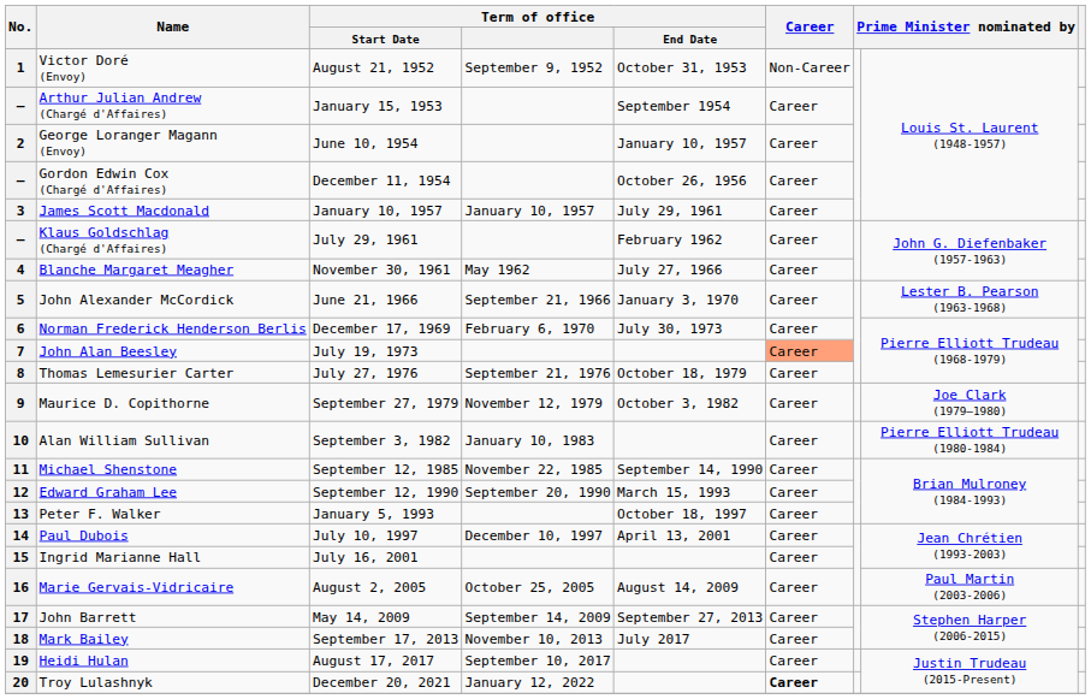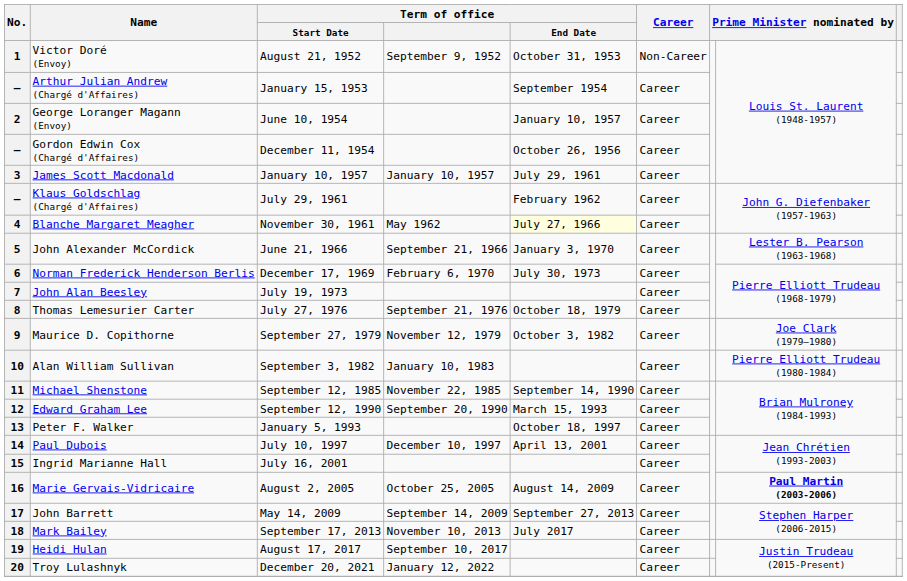 <table class="wikitable">
 <tr>
 <th rowspan="2">No.</th>
 <th rowspan="2">Name</th>
 <th colspan="3">Term of office</th>
 <th rowspan="2"><a href='#'>Career</a></th>
 <th rowspan="2"; colspan="2"><a href='#'>Prime Minister</a> nominated by</th>
 <th rowspan="2"></th>
 </tr>
 <tr>
 <th><small>Start Date</small></th>
 <th><small><a href='#'></a></small></th>
 <th><small>End Date</small></th>
 </tr>
 <tr>
 <th>1</th>
 <td>Victor Doré<br><small>(Envoy)</small></td>
 <td>August 21, 1952</td>
 <td>September 9, 1952</td>
 <td>October 31, 1953</td>
 <td>Non-Career</td>
 <td rowspan="5" ></td>
 <td rowspan="5" style=text-align:center><a href='#'>Louis St. Laurent</a><br><small>(1948-1957)</small></td>
 <td></td>
 </tr>
 <tr>
 <th>—</th>
 <td><a href='#'>Arthur Julian Andrew</a><br><small>(Chargé d'Affaires)</small></td>
 <td>January 15, 1953</td>
 <td></td>
 <td>September 1954</td>
 <td>Career</td>
 <td></td>
 </tr>
 <tr>
 <th>2</th>
 <td>George Loranger Magann<br><small>(Envoy)</small></td>
 <td>June 10, 1954</td>
 <td></td>
 <td>January 10, 1957</td>
 <td>Career</td>
 <td></td>
 </tr>
 <tr>
 <th>—</th>
 <td>Gordon Edwin Cox<br><small>(Chargé d'Affaires)</small></td>
 <td>December 11, 1954</td>
 <td></td>
 <td>October 26, 1956</td>
 <td>Career</td>
 <td></td>
 </tr>
 <tr>
 <th>3</th>
 <td><a href='#'>James Scott Macdonald</a></td>
 <td>January 10, 1957</td>
 <td>January 10, 1957</td>
 <td>July 29, 1961</td>
 <td>Career</td>
 <td></td>
 </tr>
 <tr>
 <th>—</th>
 <td><a href='#'>Klaus Goldschlag</a><br><small>(Chargé d'Affaires)</small></td>
 <td>July 29, 1961</td>
 <td></td>
 <td>February 1962</td>
 <td>Career</td>
 <td rowspan="2" ></td>
 <td rowspan="2" style=text-align:center><a href='#'>John G. Diefenbaker</a><br><small>(1957-1963)</small></td>
 <td></td>
 </tr>
 <tr>
 <th>4</th>
 <td><a href='#'>Blanche Margaret Meagher</a></td>
 <td>November 30, 1961</td>
 <td>May 1962</td>
-<td>July 27, 1966</td>
+<td style="background: lightyellow;">July 27, 1966</td>
 <td>Career</td>
 <td></td>
 </tr>
 <tr>
 <th>5</th>
 <td>John Alexander McCordick</td>
 <td>June 21, 1966</td>
 <td>September 21, 1966</td>
 <td>January 3, 1970</td>
 <td>Career</td>
 <td rowspan="4" ></td>
 <td style=text-align:center><a href='#'>Lester B. Pearson</a><br><small>(1963-1968)</small></td>
 <td></td>
 </tr>
 <tr>
 <th>6</th>
 <td><a href='#'>Norman Frederick Henderson Berlis</a></td>
 <td>December 17, 1969</td>
 <td>February 6, 1970</td>
 <td>July 30, 1973</td>
 <td>Career</td>
 <td rowspan="3" style=text-align:center><a href='#'>Pierre Elliott Trudeau</a><br><small>(1968-1979)</small></td>
 <td></td>
 </tr>
 <tr>
 <th>7</th>
 <td><a href='#'>John Alan Beesley</a></td>
 <td>July 19, 1973</td>
 <td></td>
 <td></td>
-<td style="background: lightsalmon;">Career</td>
+<td>Career</td>
 <td></td>
 </tr>
 <tr>
 <th>8</th>
 <td>Thomas Lemesurier Carter</td>
 <td>July 27, 1976</td>
 <td>September 21, 1976</td>
 <td>October 18, 1979</td>
 <td>Career</td>
 <td></td>
 </tr>
 <tr>
 <th>9</th>
 <td>Maurice D. Copithorne</td>
 <td>September 27, 1979</td>
 <td>November 12, 1979</td>
 <td>October 3, 1982</td>
 <td>Career</td>
 <td></td>
 <td style=text-align:center><a href='#'>Joe Clark</a><br><small>(1979–1980)</small></td>
 <td></td>
 </tr>
 <tr>
 <th>10</th>
 <td>Alan William Sullivan</td>
 <td>September 3, 1982</td>
 <td>January 10, 1983</td>
 <td></td>
 <td>Career</td>
 <td></td>
 <td style=text-align:center><a href='#'>Pierre Elliott Trudeau</a><br><small>(1980-1984)</small></td>
 <td></td>
 </tr>
 <tr>
 <th>11</th>
 <td><a href='#'>Michael Shenstone</a></td>
 <td>September 12, 1985</td>
 <td>November 22, 1985</td>
 <td>September 14, 1990</td>
 <td>Career</td>
 <td rowspan="3" ></td>
 <td rowspan="3" style=text-align:center><a href='#'>Brian Mulroney</a><br><small>(1984-1993)</small></td>
 <td></td>
 </tr>
 <tr>
 <th>12</th>
 <td><a href='#'>Edward Graham Lee</a></td>
 <td>September 12, 1990</td>
 <td>September 20, 1990</td>
 <td>March 15, 1993</td>
 <td>Career</td>
 <td></td>
 </tr>
 <tr>
 <th>13</th>
 <td>Peter F. Walker</td>
 <td>January 5, 1993</td>
 <td></td>
 <td>October 18, 1997</td>
 <td>Career</td>
 <td></td>
 </tr>
 <tr>
 <th>14</th>
 <td><a href='#'>Paul Dubois</a></td>
 <td>July 10, 1997</td>
 <td>December 10, 1997</td>
 <td>April 13, 2001</td>
 <td>Career</td>
 <td rowspan="3" ></td>
 <td rowspan="2"  style=text-align:center><a href='#'>Jean Chrétien</a><br><small>(1993-2003)</small></td>
 <td></td>
 </tr>
 <tr>
 <th>15</th>
 <td>Ingrid Marianne Hall</td>
 <td>July 16, 2001</td>
 <td></td>
 <td></td>
 <td>Career</td>
 <td></td>
 </tr>
 <tr>
 <th>16</th>
 <td><a href='#'>Marie Gervais-Vidricaire</a></td>
 <td>August 2, 2005</td>
 <td>October 25, 2005</td>
 <td>August 14, 2009</td>
 <td>Career</td>
-<td style=text-align:center><a href='#'>Paul Martin</a><br><small>(2003-2006)</small></td>
+<td style=text-align:center><strong><a href='#'>Paul Martin</a><br><small>(2003-2006)</small></strong></td>
 <td></td>
 </tr>
 <tr>
 <th>17</th>
 <td>John Barrett</td>
 <td>May 14, 2009</td>
 <td>September 14, 2009</td>
 <td>September 27, 2013</td>
 <td>Career</td>
 <td rowspan="2" ></td>
 <td rowspan="2" style=text-align:center><a href='#'>Stephen Harper</a><br><small>(2006-2015)</small></td>
 <td></td>
 </tr>
 <tr>
 <th>18</th>
 <td><a href='#'>Mark Bailey</a></td>
 <td>September 17, 2013</td>
 <td>November 10, 2013</td>
 <td>July 2017</td>
 <td>Career</td>
 <td></td>
 </tr>
 <tr>
 <th>19</th>
 <td><a href='#'>Heidi Hulan</a></td>
 <td>August 17, 2017</td>
 <td>September 10, 2017</td>
 <td></td>
 <td>Career</td>
 <td></td>
 <td rowspan="2" style=text-align:center><a href='#'>Justin Trudeau</a><br><small>(2015-Present)</small></td>
 <td></td>
 </tr>
 <tr>
 <th>20</th>
 <td>Troy Lulashnyk</td>
 <td>December 20, 2021</td>
 <td>January 12, 2022</td>
 <td></td>
-<td><strong>Career</strong></td>
+<td>Career</td>
 <td></td>
 <td></td>
 </tr>
 <tr>
 </tr>
 </table>
